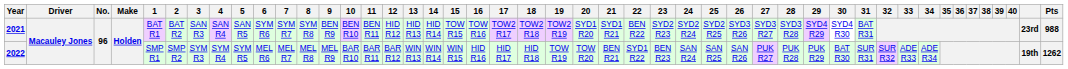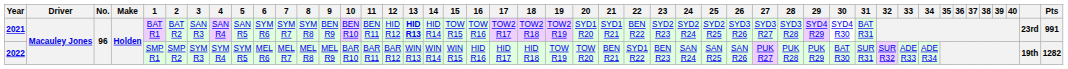 <table class="wikitable mw-collapsible mw-collapsed" style="text-align:center; font-size:75%">
 <tr>
 <th>Year</th>
 <th>Driver</th>
 <th>No.</th>
 <th>Make</th>
 <th>1</th>
 <th>2</th>
 <th>3</th>
 <th>4</th>
 <th>5</th>
 <th>6</th>
 <th>7</th>
 <th>8</th>
 <th>9</th>
 <th>10</th>
 <th>11</th>
 <th>12</th>
 <th>13</th>
 <th>14</th>
 <th>15</th>
 <th>16</th>
 <th>17</th>
 <th>18</th>
 <th>19</th>
 <th>20</th>
 <th>21</th>
 <th>22</th>
 <th>23</th>
 <th>24</th>
 <th>25</th>
 <th>26</th>
 <th>27</th>
 <th>28</th>
 <th>29</th>
 <th>30</th>
 <th>31</th>
 <th>32</th>
 <th>33</th>
 <th>34</th>
 <th>35</th>
 <th>36</th>
 <th>37</th>
 <th>38</th>
 <th>39</th>
 <th>40</th>
 <th></th>
 <th>Pts</th>
 </tr>
 <tr>
 <th><a href='#'>2021</a></th>
 <th rowspan=2><a href='#'>Macauley Jones</a></th>
 <th rowspan=2>96</th>
 <th rowspan=2><a href='#'>Holden</a></th>
 <td style="background: #efcfff"><a href='#'>BAT<br>R1</a><br></td>
 <td style="background: #dfffdf"><a href='#'>BAT<br>R2</a><br></td>
 <td style="background: #dfffdf"><a href='#'>SAN<br>R3</a><br></td>
 <td style="background: #efcfff"><a href='#'>SAN<br>R4</a><br></td>
 <td style="background: #dfffdf"><a href='#'>SAN<br>R5</a><br></td>
 <td style="background: #dfffdf"><a href='#'>SYM<br>R6</a><br></td>
 <td style="background: #dfffdf"><a href='#'>SYM<br>R7</a><br></td>
 <td style="background: #dfffdf"><a href='#'>SYM<br>R8</a><br></td>
 <td style="background: #dfffdf"><a href='#'>BEN<br>R9</a><br></td>
 <td style="background: #efcfff"><a href='#'>BEN<br>R10</a><br></td>
 <td style="background: #dfffdf"><a href='#'>BEN<br>R11</a><br></td>
 <td style="background: #dfffdf"><a href='#'>HID<br>R12</a><br></td>
-<td style="background: #dfffdf"><a href='#'>HID<br>R13</a><br></td>
+<td style="background: #dfffdf"><strong><a href='#'>HID<br>R13</a><br></strong></td>
 <td style="background: #dfffdf"><a href='#'>HID<br>R14</a><br></td>
 <td style="background: #dfffdf"><a href='#'>TOW<br>R15</a><br></td>
 <td style="background: #dfffdf"><a href='#'>TOW<br>R16</a><br></td>
 <td style="background: #efcfff"><a href='#'>TOW2<br>R17</a><br></td>
 <td style="background: #efcfff"><a href='#'>TOW2<br>R18</a><br></td>
 <td style="background: #efcfff"><a href='#'>TOW2<br>R19</a><br></td>
 <td style="background: #dfffdf"><a href='#'>SYD1<br>R20</a><br></td>
 <td style="background: #dfffdf"><a href='#'>SYD1<br>R21</a><br></td>
 <td style="background: #dfffdf"><a href='#'>BEN<br>R22</a><br></td>
 <td style="background: #dfffdf"><a href='#'>SYD2<br>R23</a><br></td>
 <td style="background: #dfffdf"><a href='#'>SYD2<br>R24</a><br></td>
 <td style="background: #dfffdf"><a href='#'>SYD2<br>R25</a><br></td>
 <td style="background: #dfffdf"><a href='#'>SYD3<br>R26</a><br></td>
 <td style="background: #dfffdf"><a href='#'>SYD3<br>R27</a><br></td>
 <td style="background: #dfffdf"><a href='#'>SYD3<br>R28</a><br></td>
 <td style="background: #efcfff"><a href='#'>SYD4<br>R29</a><br></td>
 <td style="background: #ffffff"><a href='#'>SYD4<br>R30</a><br></td>
 <td style="background: #dfffdf"><a href='#'>BAT<br>R31</a><br></td>
 <th colspan=9></th>
 <th>23rd</th>
-<th>988</th>
+<th>991</th>
 </tr>
 <tr>
 <th><a href='#'>2022</a></th>
 <td style="background: #dfffdf"><a href='#'>SMP<br>R1</a><br></td>
 <td style="background: #dfffdf"><a href='#'>SMP<br>R2</a><br></td>
 <td style="background: #dfffdf"><a href='#'>SYM<br>R3</a><br></td>
 <td style="background: #dfffdf"><a href='#'>SYM<br>R4</a><br></td>
 <td style="background: #dfffdf"><a href='#'>SYM<br>R5</a><br></td>
 <td style="background: #dfffdf"><a href='#'>MEL<br>R6</a><br></td>
 <td style="background: #dfffdf"><a href='#'>MEL<br>R7</a><br></td>
 <td style="background: #dfffdf"><a href='#'>MEL<br>R8</a><br></td>
 <td style="background: #dfffdf"><a href='#'>MEL<br>R9</a><br></td>
 <td style="background: #dfffdf"><a href='#'>BAR<br>R10</a><br></td>
 <td style="background: #dfffdf"><a href='#'>BAR<br>R11</a><br></td>
 <td style="background: #dfffdf"><a href='#'>BAR<br>R12</a><br></td>
 <td style="background: #dfffdf"><a href='#'>WIN<br>R13</a><br></td>
 <td style="background: #dfffdf"><a href='#'>WIN<br>R14</a><br></td>
 <td style="background: #dfffdf"><a href='#'>WIN<br>R15</a><br></td>
 <td style="background: #dfffdf"><a href='#'>HID<br>R16</a><br></td>
 <td style="background: #dfffdf"><a href='#'>HID<br>R17</a><br></td>
 <td style="background: #dfffdf"><a href='#'>HID<br>R18</a><br></td>
 <td style="background: #dfffdf"><a href='#'>TOW<br>R19</a><br></td>
 <td style="background: #dfffdf"><a href='#'>TOW<br>R20</a><br></td>
 <td style="background: #dfffdf"><a href='#'>BEN<br>R21</a><br></td>
 <td style="background: #dfffdf"><a href='#'>SYD1<br>R22</a><br></td>
 <td style="background: #dfffdf"><a href='#'>BEN<br>R23</a><br></td>
 <td style="background: #dfffdf"><a href='#'>SAN<br>R24</a><br></td>
 <td style="background: #dfffdf"><a href='#'>SAN<br>R25</a><br></td>
 <td style="background: #dfffdf"><a href='#'>SAN<br>R26</a><br></td>
 <td style="background: #efcfff"><a href='#'>PUK<br>R27</a><br></td>
 <td style="background: #dfffdf"><a href='#'>PUK<br>R28</a><br></td>
 <td style="background: #dfffdf"><a href='#'>PUK<br>R29</a><br></td>
 <td style="background: #dfffdf"><a href='#'>BAT<br>R30</a><br></td>
 <td style="background: #dfffdf"><a href='#'>SUR<br>R31</a><br></td>
 <td style="background: #efcfff"><a href='#'>SUR<br>R32</a><br></td>
 <td style="background: #dfffdf"><a href='#'>ADE<br>R33</a><br></td>
 <td style="background: #dfffdf"><a href='#'>ADE<br>R34</a><br></td>
 <th colspan=6></th>
 <th>19th</th>
-<th>1262</th>
+<th>1282</th>
 </tr>
 </table>
